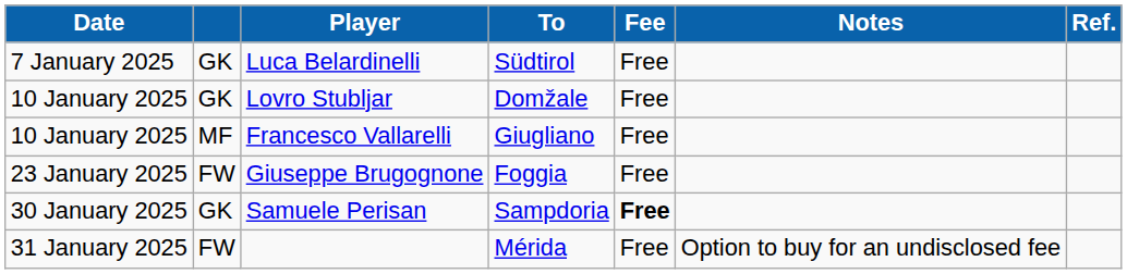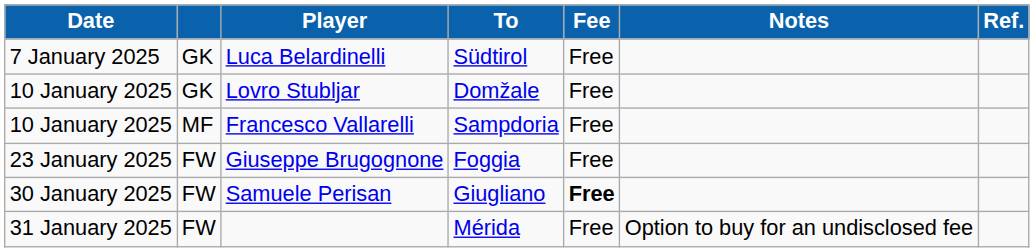 <table class="wikitable">
 <tr>
 <th style="background:#0962AB;color:white">Date</th>
 <th style="background:#0962AB;color:white"></th>
 <th style="background:#0962AB;color:white">Player</th>
 <th style="background:#0962AB;color:white">To</th>
 <th style="background:#0962AB;color:white">Fee</th>
 <th style="background:#0962AB;color:white">Notes</th>
 <th style="background:#0962AB;color:white">Ref.</th>
 </tr>
 <tr>
 <td>7 January 2025</td>
 <td>GK</td>
 <td> <a href='#'>Luca Belardinelli</a></td>
 <td> <a href='#'>Südtirol</a></td>
 <td>Free</td>
 <td></td>
 <td></td>
 </tr>
 <tr>
 <td>10 January 2025</td>
 <td>GK</td>
 <td> <a href='#'>Lovro Stubljar</a></td>
 <td> <a href='#'>Domžale</a></td>
 <td>Free</td>
 <td></td>
 <td></td>
 </tr>
 <tr>
 <td>10 January 2025</td>
 <td>MF</td>
 <td> <a href='#'>Francesco Vallarelli</a></td>
-<td> <a href='#'>Giugliano</a></td>
+<td> <a href='#'>Sampdoria</a></td>
 <td>Free</td>
 <td></td>
 <td></td>
 </tr>
 <tr>
 <td>23 January 2025</td>
 <td>FW</td>
 <td> <a href='#'>Giuseppe Brugognone</a></td>
 <td> <a href='#'>Foggia</a></td>
 <td>Free</td>
 <td></td>
 <td></td>
 </tr>
 <tr>
 <td>30 January 2025</td>
-<td>GK</td>
+<td>FW</td>
 <td> <a href='#'>Samuele Perisan</a></td>
-<td> <a href='#'>Sampdoria</a></td>
+<td> <a href='#'>Giugliano</a></td>
 <td><strong>Free</strong></td>
 <td></td>
 <td></td>
 </tr>
 <tr>
 <td>31 January 2025</td>
 <td>FW</td>
 <td> </td>
 <td> <a href='#'>Mérida</a></td>
 <td>Free</td>
 <td>Option to buy for an undisclosed fee</td>
 <td></td>
 </tr>
 </table>
